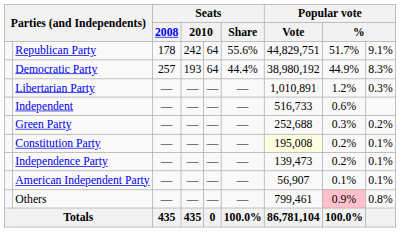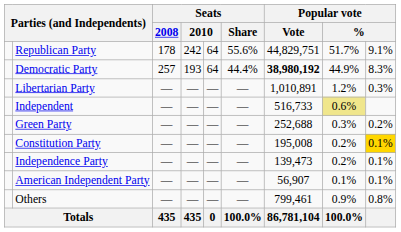 <table class=wikitable style="text-align:center">
 <tr>
 <th rowspan=2 colspan=2>Parties (and Independents)</th>
 <th colspan=4>Seats</th>
 <th colspan=3>Popular vote</th>
 </tr>
 <tr style="background:#e9e9e9">
 <th><a href='#'>2008</a></th>
 <th colspan=2>2010</th>
 <th>Share</th>
 <th>Vote</th>
 <th colspan=2>%</th>
 </tr>
 <tr>
 <td style="background-color:"> </td>
 <td align=left><a href='#'>Republican Party</a></td>
 <td>178</td>
 <td>242</td>
 <td> 64</td>
 <td>55.6%</td>
 <td>44,829,751</td>
 <td>51.7%</td>
 <td> 9.1%</td>
 </tr>
 <tr>
 <td style="background-color:"> </td>
 <td align=left><a href='#'>Democratic Party</a></td>
 <td>257</td>
 <td>193</td>
 <td> 64</td>
 <td>44.4%</td>
-<td>38,980,192</td>
+<td><strong>38,980,192</strong></td>
 <td>44.9%</td>
 <td> 8.3%</td>
 </tr>
 <tr>
 <td style="background-color:"> </td>
 <td align=left><a href='#'>Libertarian Party</a></td>
 <td>—</td>
 <td>—</td>
 <td>—</td>
 <td>—</td>
 <td>1,010,891</td>
 <td>1.2%</td>
 <td> 0.3%</td>
 </tr>
 <tr>
 <td style="background-color:"> </td>
 <td align=left><a href='#'>Independent</a></td>
 <td>—</td>
 <td>—</td>
 <td>—</td>
 <td>—</td>
 <td>516,733</td>
-<td>0.6%</td>
+<td style="background: khaki;">0.6%</td>
 <td></td>
 </tr>
 <tr>
 <td style="background-color:"> </td>
 <td align=left><a href='#'>Green Party</a></td>
 <td>—</td>
 <td>—</td>
 <td>—</td>
 <td>—</td>
 <td>252,688</td>
 <td>0.3%</td>
 <td> 0.2%</td>
 </tr>
 <tr>
 <td style="background-color:"> </td>
 <td align=left><a href='#'>Constitution Party</a></td>
 <td>—</td>
 <td>—</td>
 <td>—</td>
 <td>—</td>
-<td style="background: lightyellow;">195,008</td>
+<td>195,008</td>
 <td>0.2%</td>
-<td> 0.1%</td>
+<td style="background: gold;"> 0.1%</td>
 </tr>
 <tr>
 <td style="background-color:"> </td>
 <td align=left><a href='#'>Independence Party</a></td>
 <td>—</td>
 <td>—</td>
 <td>—</td>
 <td>—</td>
 <td>139,473</td>
 <td>0.2%</td>
 <td> 0.1%</td>
 </tr>
 <tr>
 <td style="background-color:"> </td>
 <td align=left><a href='#'>American Independent Party</a></td>
 <td>—</td>
 <td>—</td>
 <td>—</td>
 <td>—</td>
 <td>56,907</td>
 <td>0.1%</td>
 <td> 0.1%</td>
 </tr>
 <tr>
 <td style="background-color:"> </td>
 <td align=left>Others</td>
 <td>—</td>
 <td>—</td>
 <td>—</td>
 <td>—</td>
 <td>799,461</td>
-<td style="background: pink;">0.9%</td>
+<td>0.9%</td>
 <td> 0.8%</td>
 </tr>
 <tr>
 <th colspan=2>Totals</th>
 <th>435</th>
 <th>435</th>
 <th>0</th>
 <th>100.0%</th>
 <th>86,781,104</th>
 <th>100.0%</th>
 <th></th>
 </tr>
 </table>
